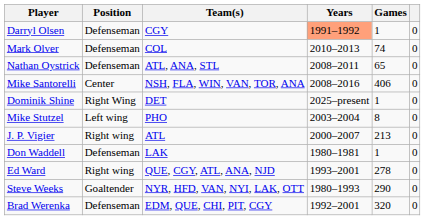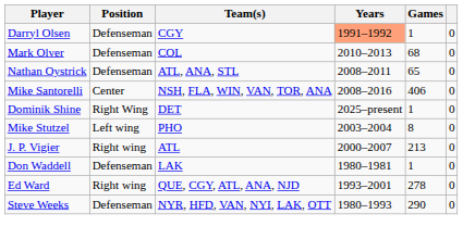 <table class="wikitable sortable">
 <tr>
 <th>Player</th>
 <th>Position</th>
 <th>Team(s)</th>
 <th>Years</th>
 <th>Games</th>
 <th><a href='#'></a></th>
 </tr>
 <tr>
 <td><a href='#'>Darryl Olsen</a></td>
 <td>Defenseman</td>
 <td><a href='#'>CGY</a></td>
 <td style="background: lightsalmon;">1991–1992</td>
 <td>1</td>
 <td>0</td>
 </tr>
 <tr>
 <td><a href='#'>Mark Olver</a></td>
 <td>Defenseman</td>
 <td><a href='#'>COL</a></td>
 <td>2010–2013</td>
-<td>74</td>
+<td>68</td>
 <td>0</td>
 </tr>
 <tr>
 <td><a href='#'>Nathan Oystrick</a></td>
 <td>Defenseman</td>
 <td><a href='#'>ATL</a>, <a href='#'>ANA</a>, <a href='#'>STL</a></td>
 <td>2008–2011</td>
 <td>65</td>
 <td>0</td>
 </tr>
 <tr>
 <td><a href='#'>Mike Santorelli</a></td>
 <td>Center</td>
 <td><a href='#'>NSH</a>, <a href='#'>FLA</a>, <a href='#'>WIN</a>, <a href='#'>VAN</a>, <a href='#'>TOR</a>, <a href='#'>ANA</a></td>
 <td>2008–2016</td>
 <td>406</td>
 <td>0</td>
 </tr>
 <tr>
 <td><a href='#'>Dominik Shine</a></td>
 <td>Right Wing</td>
 <td><a href='#'>DET</a></td>
 <td>2025–present</td>
 <td>1</td>
 <td>0</td>
 </tr>
 <tr>
 <td><a href='#'>Mike Stutzel</a></td>
 <td>Left wing</td>
 <td><a href='#'>PHO</a></td>
 <td>2003–2004</td>
 <td>8</td>
 <td>0</td>
 </tr>
 <tr>
 <td><a href='#'>J. P. Vigier</a></td>
 <td>Right wing</td>
 <td><a href='#'>ATL</a></td>
 <td>2000–2007</td>
 <td>213</td>
 <td>0</td>
 </tr>
 <tr>
 <td><a href='#'>Don Waddell</a></td>
 <td>Defenseman</td>
 <td><a href='#'>LAK</a></td>
 <td>1980–1981</td>
 <td>1</td>
 <td>0</td>
 </tr>
 <tr>
 <td><a href='#'>Ed Ward</a></td>
 <td>Right wing</td>
 <td><a href='#'>QUE</a>, <a href='#'>CGY</a>, <a href='#'>ATL</a>, <a href='#'>ANA</a>, <a href='#'>NJD</a></td>
 <td>1993–2001</td>
 <td>278</td>
 <td>0</td>
 </tr>
 <tr>
 <td><a href='#'>Steve Weeks</a></td>
-<td>Goaltender</td>
+<td>Defenseman</td>
 <td><a href='#'>NYR</a>, <a href='#'>HFD</a>, <a href='#'>VAN</a>, <a href='#'>NYI</a>, <a href='#'>LAK</a>, <a href='#'>OTT</a></td>
 <td>1980–1993</td>
 <td>290</td>
 <td>0</td>
 </tr>
-<tr>
-<td><a href='#'>Brad Werenka</a></td>
-<td>Defenseman</td>
-<td><a href='#'>EDM</a>, <a href='#'>QUE</a>, <a href='#'>CHI</a>, <a href='#'>PIT</a>, <a href='#'>CGY</a></td>
-<td>1992–2001</td>
-<td>320</td>
-<td>0</td>
-</tr>
 </table>
